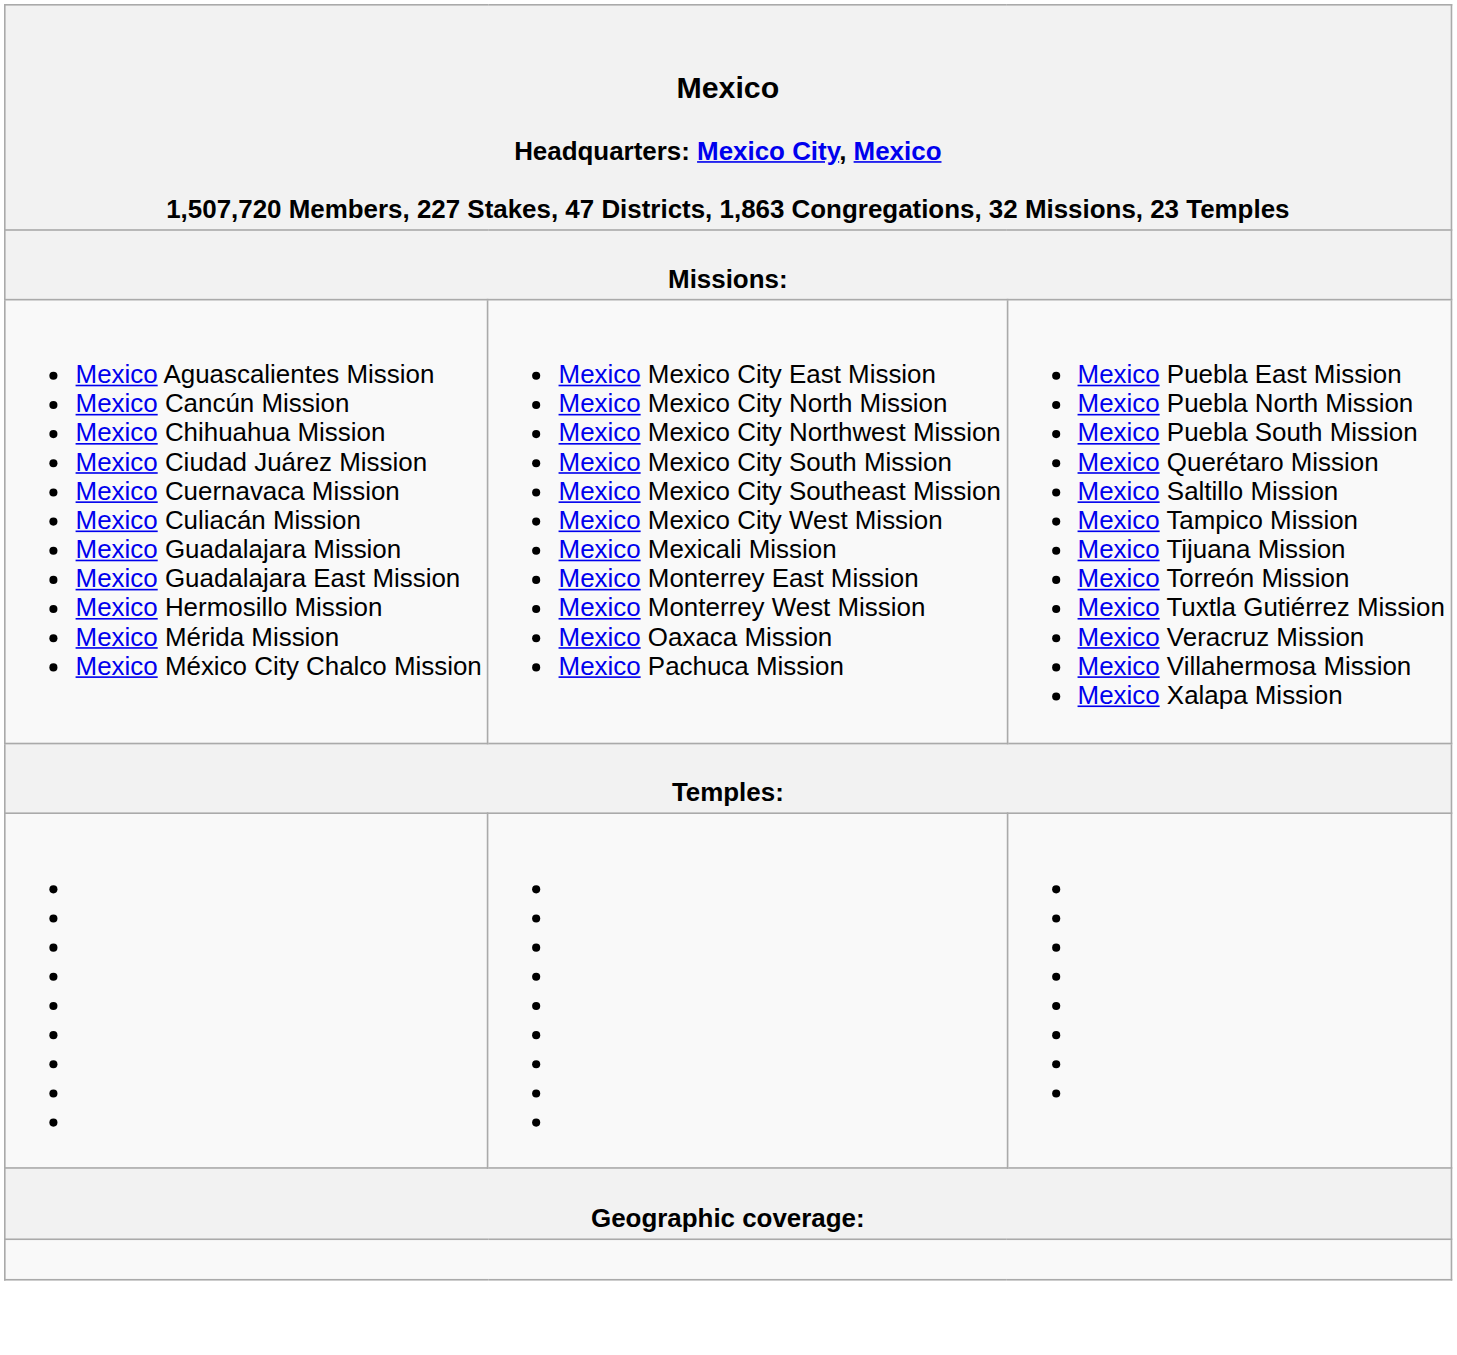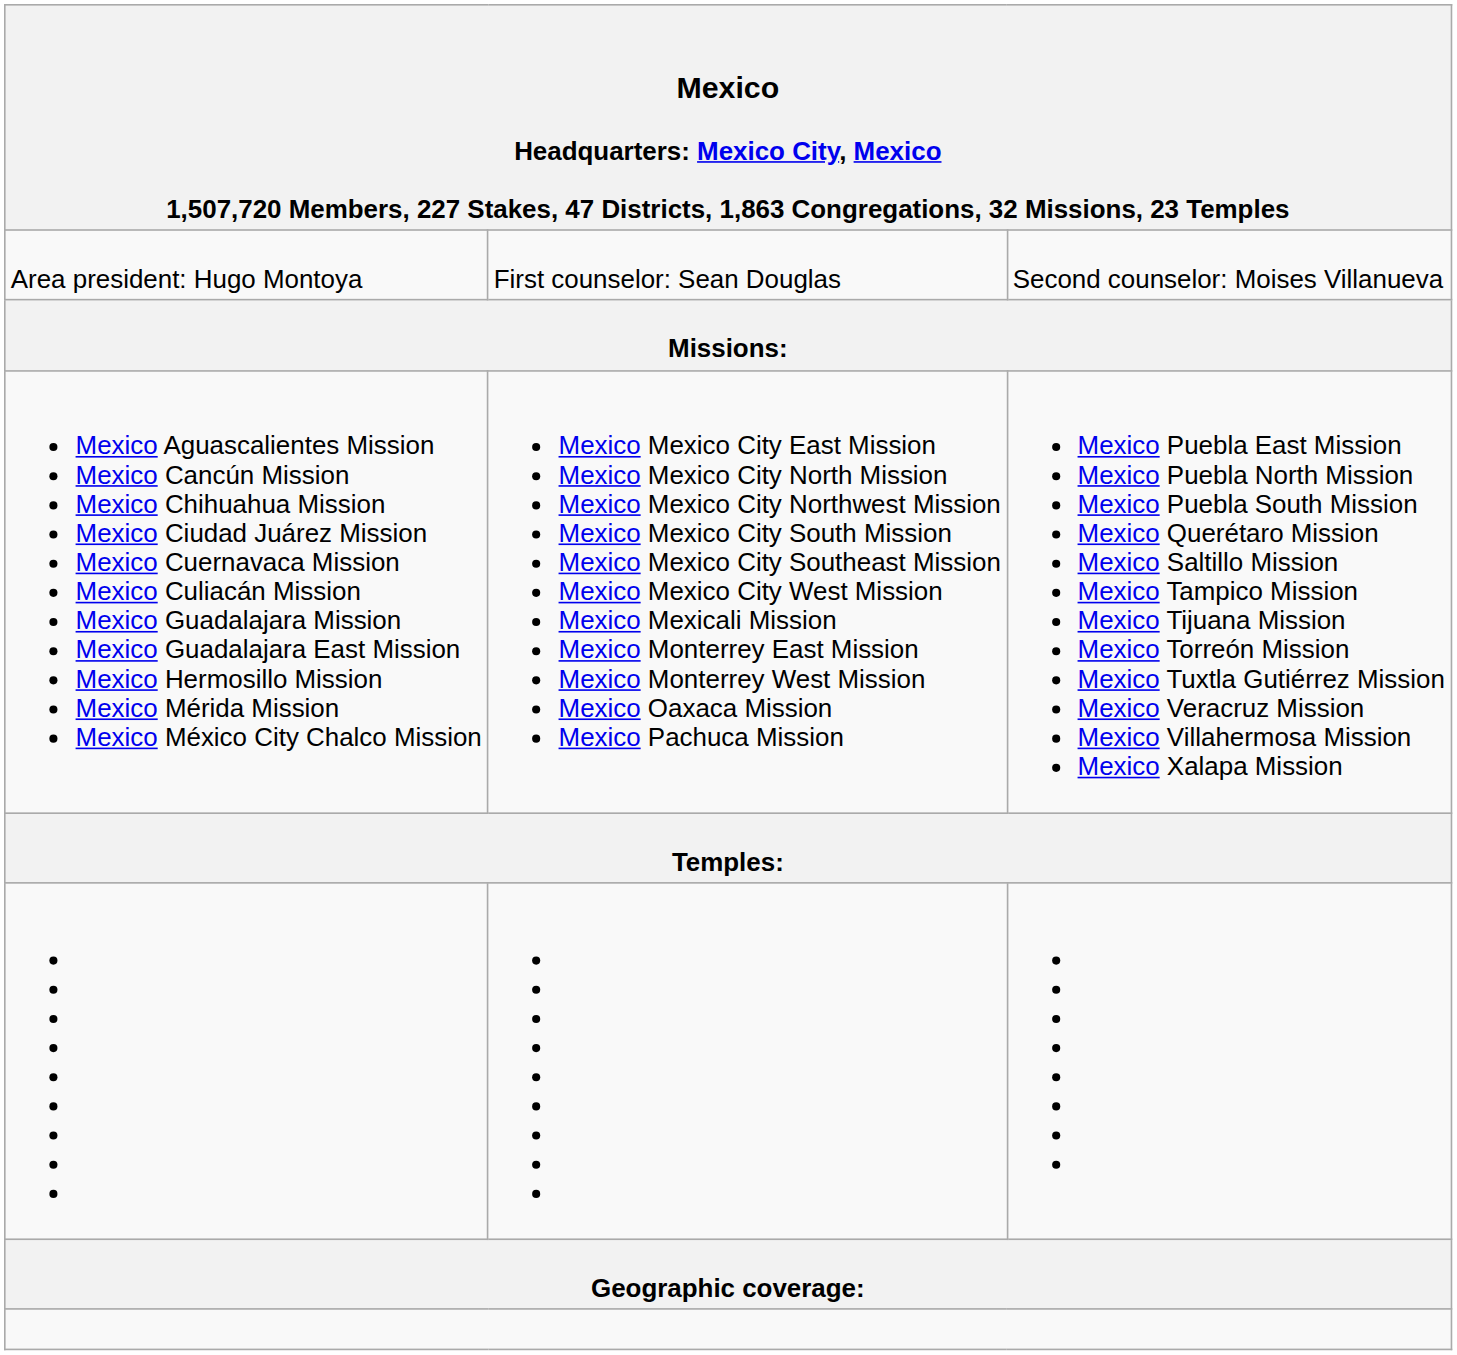 <table class=wikitable>
 <tr>
 <th colspan=3><br><h3>Mexico</h3>Headquarters:  <a href='#'>Mexico City</a>, <a href='#'>Mexico</a><br><br>1,507,720 Members, 227 Stakes, 47 Districts, 1,863 Congregations, 32 Missions, 23 Temples</th>
+</tr>
+<tr>
+<td style="vertical-align:top"><br>Area president: Hugo Montoya</td>
+<td style="vertical-align:top"><br>First counselor: Sean Douglas</td>
+<td style="vertical-align:top"><br>Second counselor: Moises Villanueva</td>
 </tr>
 <tr>
 <th colspan=3><br>Missions:</th>
 </tr>
 <tr>
 <td style="vertical-align:top"><br><ul><li><a href='#'>Mexico</a> Aguascalientes Mission</li><li><a href='#'>Mexico</a> Cancún Mission</li><li><a href='#'>Mexico</a> Chihuahua Mission</li><li><a href='#'>Mexico</a> Ciudad Juárez Mission</li><li><a href='#'>Mexico</a> Cuernavaca Mission</li><li><a href='#'>Mexico</a> Culiacán Mission</li><li><a href='#'>Mexico</a> Guadalajara Mission</li><li><a href='#'>Mexico</a> Guadalajara East Mission</li><li><a href='#'>Mexico</a> Hermosillo Mission</li><li><a href='#'>Mexico</a> Mérida Mission</li><li><a href='#'>Mexico</a> México City Chalco Mission</li></ul></td>
 <td style="vertical-align:top"><br><ul><li><a href='#'>Mexico</a> Mexico City East Mission</li><li><a href='#'>Mexico</a> Mexico City North Mission</li><li><a href='#'>Mexico</a> Mexico City Northwest Mission</li><li><a href='#'>Mexico</a> Mexico City South Mission</li><li><a href='#'>Mexico</a> Mexico City Southeast Mission</li><li><a href='#'>Mexico</a> Mexico City West Mission</li><li><a href='#'>Mexico</a> Mexicali Mission</li><li><a href='#'>Mexico</a> Monterrey East Mission</li><li><a href='#'>Mexico</a> Monterrey West Mission</li><li><a href='#'>Mexico</a> Oaxaca Mission</li><li><a href='#'>Mexico</a> Pachuca Mission</li></ul></td>
 <td style="vertical-align:top"><br><ul><li><a href='#'>Mexico</a> Puebla East Mission</li><li><a href='#'>Mexico</a> Puebla North Mission</li><li><a href='#'>Mexico</a> Puebla South Mission</li><li><a href='#'>Mexico</a> Querétaro Mission</li><li><a href='#'>Mexico</a> Saltillo Mission</li><li><a href='#'>Mexico</a> Tampico Mission</li><li><a href='#'>Mexico</a> Tijuana Mission</li><li><a href='#'>Mexico</a> Torreón Mission</li><li><a href='#'>Mexico</a> Tuxtla Gutiérrez Mission</li><li><a href='#'>Mexico</a> Veracruz Mission</li><li><a href='#'>Mexico</a> Villahermosa Mission</li><li><a href='#'>Mexico</a> Xalapa Mission</li></ul></td>
 </tr>
 <tr>
 <th colspan=3><br>Temples:</th>
 </tr>
 <tr>
 <td style="vertical-align:top"><br><ul><li></li><li></li><li></li><li></li><li></li><li></li><li></li><li></li><li></li></ul></td>
 <td style="vertical-align:top"><br><ul><li></li><li></li><li></li><li></li><li></li><li></li><li></li><li></li><li></li></ul></td>
 <td style="vertical-align:top"><br><ul><li></li><li></li><li></li><li></li><li></li><li></li><li></li><li></li></ul></td>
 </tr>
 <tr>
 <th colspan=3><br>Geographic coverage:</th>
 </tr>
 <tr>
 <td style="vertical-align:top" colspan=3><br></td>
 </tr>
 </table>
